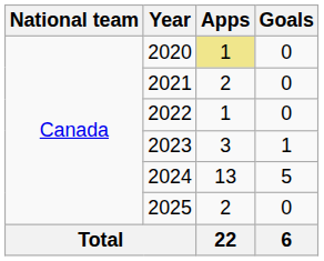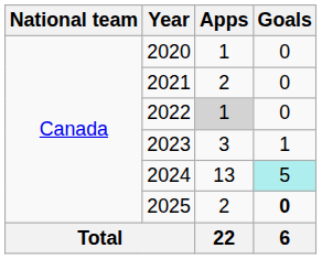 <table class="wikitable" style="text-align:center">
 <tr>
 <th>National team</th>
 <th>Year</th>
 <th>Apps</th>
 <th>Goals</th>
 </tr>
 <tr>
 <td rowspan=6><a href='#'>Canada</a></td>
 <td>2020</td>
-<td style="background: khaki;">1</td>
+<td>1</td>
 <td>0</td>
 </tr>
 <tr>
 <td>2021</td>
 <td>2</td>
 <td>0</td>
 </tr>
 <tr>
 <td>2022</td>
-<td>1</td>
+<td style="background: lightgrey;">1</td>
 <td>0</td>
 </tr>
 <tr>
 <td>2023</td>
 <td>3</td>
 <td>1</td>
 </tr>
 <tr>
 <td>2024</td>
 <td>13</td>
-<td>5</td>
+<td style="background: paleturquoise;">5</td>
 </tr>
 <tr>
 <td>2025</td>
 <td>2</td>
-<td>0</td>
+<td><strong>0</strong></td>
 </tr>
 <tr>
 <th colspan=2>Total</th>
 <th>22</th>
 <th>6</th>
 </tr>
 </table>
